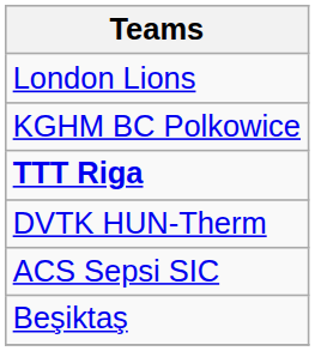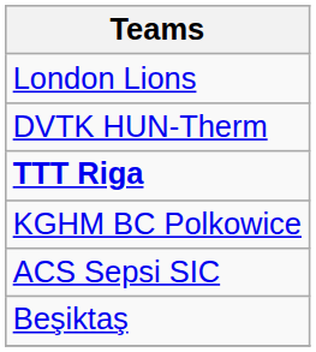 <table class="wikitable">
 <tr>
 <th>Teams</th>
 </tr>
 <tr>
 <td> <a href='#'>London Lions</a></td>
 </tr>
 <tr>
-<td> <a href='#'>KGHM BC Polkowice</a></td>
+<td> <a href='#'>DVTK HUN-Therm</a></td>
 </tr>
 <tr>
 <td><strong> <a href='#'>TTT Riga</a></strong></td>
 </tr>
 <tr>
-<td> <a href='#'>DVTK HUN-Therm</a></td>
+<td> <a href='#'>KGHM BC Polkowice</a></td>
 </tr>
 <tr>
 <td> <a href='#'>ACS Sepsi SIC</a></td>
 </tr>
 <tr>
 <td> <a href='#'>Beşiktaş</a></td>
 </tr>
 <tr>
 </tr>
 </table>
